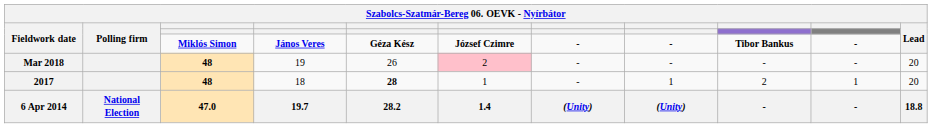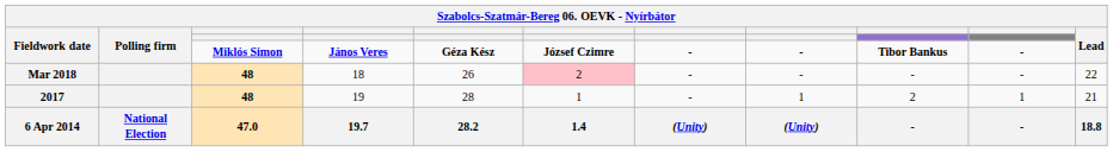 <table class="wikitable mw-collapsible mw-collapsed" style="text-align:center">
 <tr>
 <th colspan="11" style="width: 980pt;"><small><a href='#'>Szabolcs-Szatmár-Bereg</a> 06.</small> <small>OEVK - <a href='#'>Nyírbátor</a></small></th>
 </tr>
 <tr>
 <th rowspan="3" style="width: 80pt;"><small>Fieldwork</small> <small>date</small></th>
 <th rowspan="3" style="width: 80pt;"><strong><small>Polling</small> <small>firm</small></strong></th>
 <th style="width: 100pt;"><small></small></th>
 <th style="width: 100pt;"><small> </small></th>
 <th style="width: 100pt;"></th>
 <th style="width: 100pt;"></th>
 <th style="width: 100pt;"></th>
 <th style="width: 100pt;"></th>
 <th style="width: 100pt;"></th>
 <th style="width: 100pt;"></th>
 <th rowspan="3" style="width: 20pt;"><small>Lead</small></th>
 </tr>
 <tr>
 <th style="color:inherit;background:"></th>
 <th style="color:inherit;background:"></th>
 <th style="color:inherit;background:"></th>
 <th style="color:inherit;background:"></th>
 <th style="color:inherit;background:"></th>
 <th style="color:inherit;background:"></th>
 <th style="color:inherit;background:#8E6FCE;"></th>
 <th style="color:inherit;background:#808080;"></th>
 </tr>
 <tr>
 <td><a href='#'><strong><small>Miklós Simon</small></strong></a></td>
 <td><a href='#'><strong><small>János Veres</small></strong></a></td>
 <td><strong><small>Géza Kész</small></strong></td>
 <td><strong><small>József Czimre</small></strong></td>
 <td><strong><small>-</small></strong></td>
 <td><strong><small>-</small></strong></td>
 <td><strong><small>Tibor Bankus</small></strong></td>
 <td><strong><small>-</small></strong></td>
 </tr>
 <tr>
 <th><small>Mar 2018</small></th>
 <th><small></small></th>
 <td style="background:#FFE5B4"><strong><small>48</small></strong></td>
-<td><small>19</small></td>
+<td><small>18</small></td>
 <td><small>26</small></td>
 <td style="background: pink;"><small>2</small></td>
 <td><small>-</small></td>
 <td><em><small>-</small></em></td>
 <td><small>-</small></td>
 <td><em><small>-</small></em></td>
-<td style="background:"><small>20</small></td>
+<td style="background:"><small>22</small></td>
 </tr>
 <tr>
 <th><small>2017</small></th>
 <th><small></small></th>
 <td style="background:#FFE5B4"><strong><small>48</small></strong></td>
-<td><small>18</small></td>
-<td><strong><small>28</small></strong></td>
+<td><small>19</small></td>
+<td><small>28</small></td>
 <td><small>1</small></td>
 <td><small>-</small></td>
 <td><small>1</small></td>
 <td><small>2</small></td>
 <td><small>1</small></td>
-<td style="background:"><small>20</small></td>
+<td style="background:"><small>21</small></td>
 </tr>
 <tr>
 <th><small>6 Apr 2014</small></th>
 <th><a href='#'><small>National Election</small></a></th>
 <th style="background:#FFE5B4"><small>47.0</small></th>
 <th><small>19.7</small></th>
 <th><small>28.2</small></th>
 <th><small>1.4</small></th>
 <th><small><em>(<a href='#'>Unity</a>)</em></small></th>
 <th><small><em>(<a href='#'>Unity</a>)</em></small></th>
 <th><small>-</small></th>
 <th><small>-</small></th>
 <th style="background:"><small>18.8</small></th>
 </tr>
 </table>
